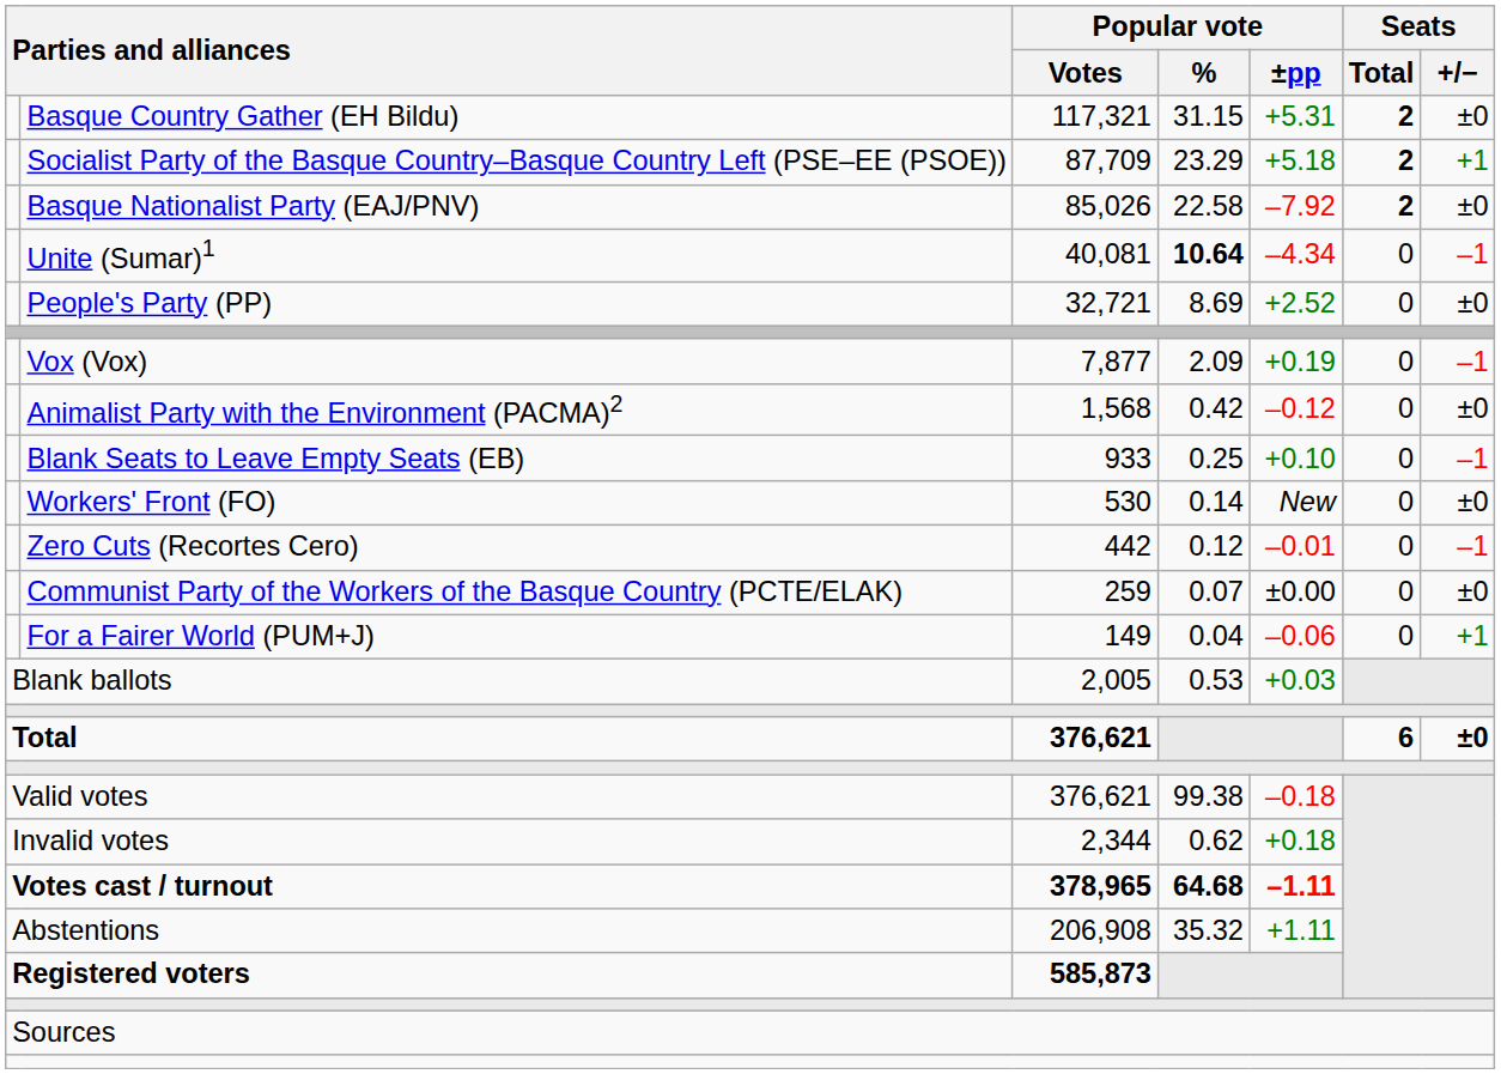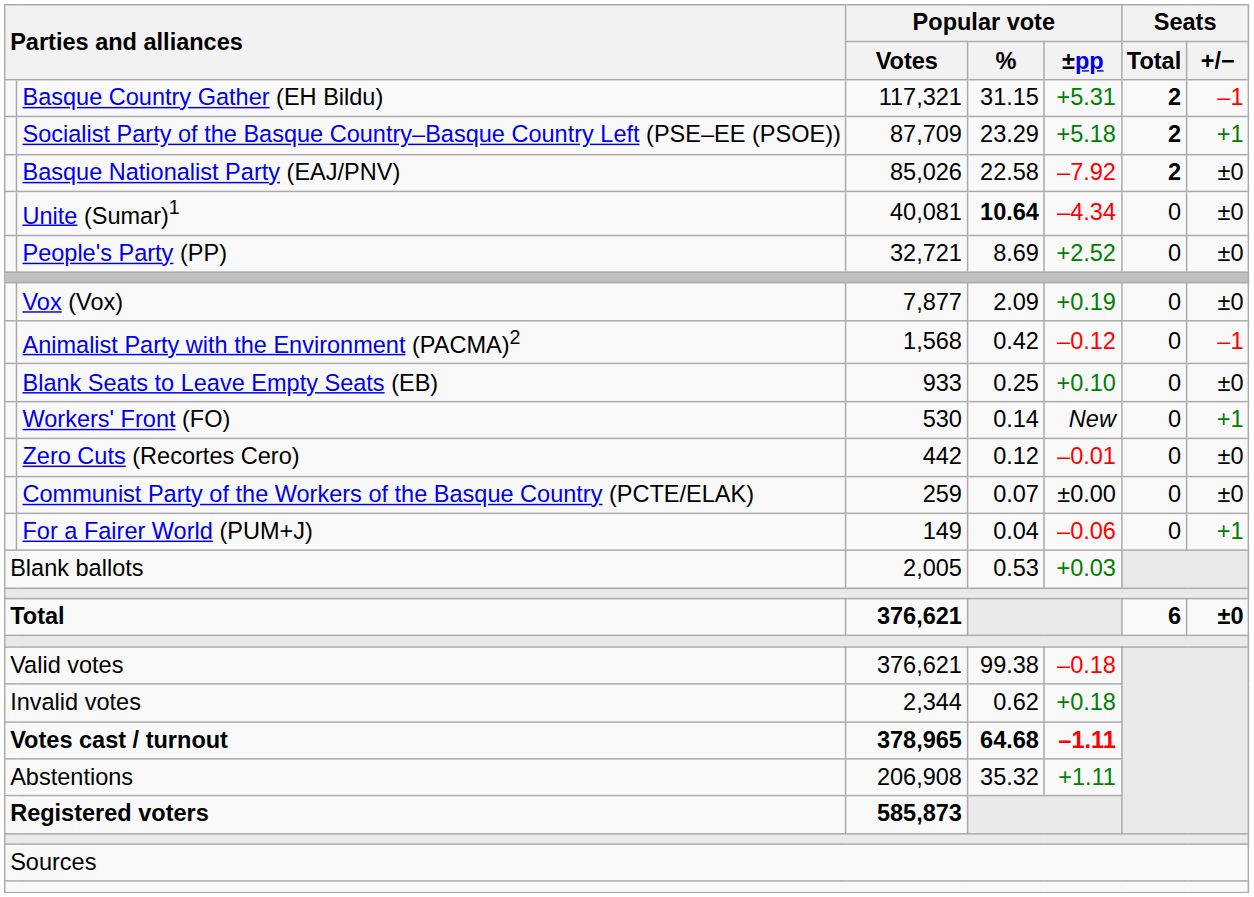 <table class="wikitable" style="text-align:right;">
 <tr>
 <th style="text-align:left;" rowspan="2" colspan="2" width="525">Parties and alliances</th>
 <th colspan="3">Popular vote</th>
 <th colspan="2">Seats</th>
 </tr>
 <tr>
 <th width="75">Votes</th>
 <th width="45">%</th>
 <th width="45">±<a href='#'>pp</a></th>
 <th width="35">Total</th>
 <th width="35">+/−</th>
 </tr>
 <tr>
 <td width="1" style="color:inherit;background:"></td>
 <td align="left"><a href='#'>Basque Country Gather</a> (EH Bildu)</td>
 <td>117,321</td>
 <td>31.15</td>
 <td style="color:green;">+5.31</td>
 <td><strong>2</strong></td>
-<td>±0</td>
+<td style="color:red;">–1</td>
 </tr>
 <tr>
 <td style="color:inherit;background:"></td>
 <td align="left"><a href='#'>Socialist Party of the Basque Country–Basque Country Left</a> (PSE–EE (PSOE))</td>
 <td>87,709</td>
 <td>23.29</td>
 <td style="color:green;">+5.18</td>
 <td><strong>2</strong></td>
 <td style="color:green;">+1</td>
 </tr>
 <tr>
 <td style="color:inherit;background:"></td>
 <td align="left"><a href='#'>Basque Nationalist Party</a> (EAJ/PNV)</td>
 <td>85,026</td>
 <td>22.58</td>
 <td style="color:red;">–7.92</td>
 <td><strong>2</strong></td>
 <td>±0</td>
 </tr>
 <tr>
 <td style="color:inherit;background:"></td>
 <td align="left"><a href='#'>Unite</a> (Sumar)<sup>1</sup></td>
 <td>40,081</td>
 <td><strong>10.64</strong></td>
 <td style="color:red;">–4.34</td>
 <td>0</td>
-<td style="color:red;">–1</td>
+<td>±0</td>
 </tr>
 <tr>
 <td style="color:inherit;background:"></td>
 <td align="left"><a href='#'>People's Party</a> (PP)</td>
 <td>32,721</td>
 <td>8.69</td>
 <td style="color:green;">+2.52</td>
 <td>0</td>
 <td>±0</td>
 </tr>
 <tr>
 <td colspan="7" bgcolor="#C0C0C0"></td>
 </tr>
 <tr>
 <td style="color:inherit;background:"></td>
 <td align="left"><a href='#'>Vox</a> (Vox)</td>
 <td>7,877</td>
 <td>2.09</td>
 <td style="color:green;">+0.19</td>
 <td>0</td>
-<td style="color:red;">–1</td>
+<td>±0</td>
 </tr>
 <tr>
 <td style="color:inherit;background:"></td>
 <td align="left"><a href='#'>Animalist Party with the Environment</a> (PACMA)<sup>2</sup></td>
 <td>1,568</td>
 <td>0.42</td>
 <td style="color:red;">–0.12</td>
 <td>0</td>
-<td>±0</td>
+<td style="color:red;">–1</td>
 </tr>
 <tr>
 <td style="color:inherit;background:"></td>
 <td align="left"><a href='#'>Blank Seats to Leave Empty Seats</a> (EB)</td>
 <td>933</td>
 <td>0.25</td>
 <td style="color:green;">+0.10</td>
 <td>0</td>
-<td style="color:red;">–1</td>
+<td>±0</td>
 </tr>
 <tr>
 <td style="color:inherit;background:"></td>
 <td align="left"><a href='#'>Workers' Front</a> (FO)</td>
 <td>530</td>
 <td>0.14</td>
 <td><em>New</em></td>
 <td>0</td>
-<td>±0</td>
+<td style="color:green;">+1</td>
 </tr>
 <tr>
 <td style="color:inherit;background:"></td>
 <td align="left"><a href='#'>Zero Cuts</a> (Recortes Cero)</td>
 <td>442</td>
 <td>0.12</td>
 <td style="color:red;">–0.01</td>
 <td>0</td>
-<td style="color:red;">–1</td>
+<td>±0</td>
 </tr>
 <tr>
 <td style="color:inherit;background:"></td>
 <td align="left"><a href='#'>Communist Party of the Workers of the Basque Country</a> (PCTE/ELAK)</td>
 <td>259</td>
 <td>0.07</td>
 <td>±0.00</td>
 <td>0</td>
 <td>±0</td>
 </tr>
 <tr>
 <td style="color:inherit;background:"></td>
 <td align="left"><a href='#'>For a Fairer World</a> (PUM+J)</td>
 <td>149</td>
 <td>0.04</td>
 <td style="color:red;">–0.06</td>
 <td>0</td>
 <td style="color:green;">+1</td>
 </tr>
 <tr>
 <td align="left" colspan="2">Blank ballots</td>
 <td>2,005</td>
 <td>0.53</td>
 <td style="color:green;">+0.03</td>
 <td bgcolor="#E9E9E9" colspan="2"></td>
 </tr>
 <tr>
 <td colspan="7" bgcolor="#E9E9E9"></td>
 </tr>
 <tr style="font-weight:bold;">
 <td align="left" colspan="2">Total</td>
 <td>376,621</td>
 <td bgcolor="#E9E9E9" colspan="2"></td>
 <td>6</td>
 <td>±0</td>
 </tr>
 <tr>
 <td colspan="7" bgcolor="#E9E9E9"></td>
 </tr>
 <tr>
 <td align="left" colspan="2">Valid votes</td>
 <td>376,621</td>
 <td>99.38</td>
 <td style="color:red;">–0.18</td>
 <td bgcolor="#E9E9E9" colspan="2" rowspan="5"></td>
 </tr>
 <tr>
 <td align="left" colspan="2">Invalid votes</td>
 <td>2,344</td>
 <td>0.62</td>
 <td style="color:green;">+0.18</td>
 </tr>
 <tr style="font-weight:bold;">
 <td align="left" colspan="2">Votes cast / turnout</td>
 <td>378,965</td>
 <td>64.68</td>
 <td style="color:red;">–1.11</td>
 </tr>
 <tr>
 <td align="left" colspan="2">Abstentions</td>
 <td>206,908</td>
 <td>35.32</td>
 <td style="color:green;">+1.11</td>
 </tr>
 <tr style="font-weight:bold;">
 <td align="left" colspan="2">Registered voters</td>
 <td>585,873</td>
 <td bgcolor="#E9E9E9" colspan="2"></td>
 </tr>
 <tr>
 <td colspan="7" bgcolor="#E9E9E9"></td>
 </tr>
 <tr>
 <td align="left" colspan="7">Sources</td>
 </tr>
 <tr>
 <td colspan="7" style="text-align:left; max-width:790px;"></td>
 </tr>
 </table>
